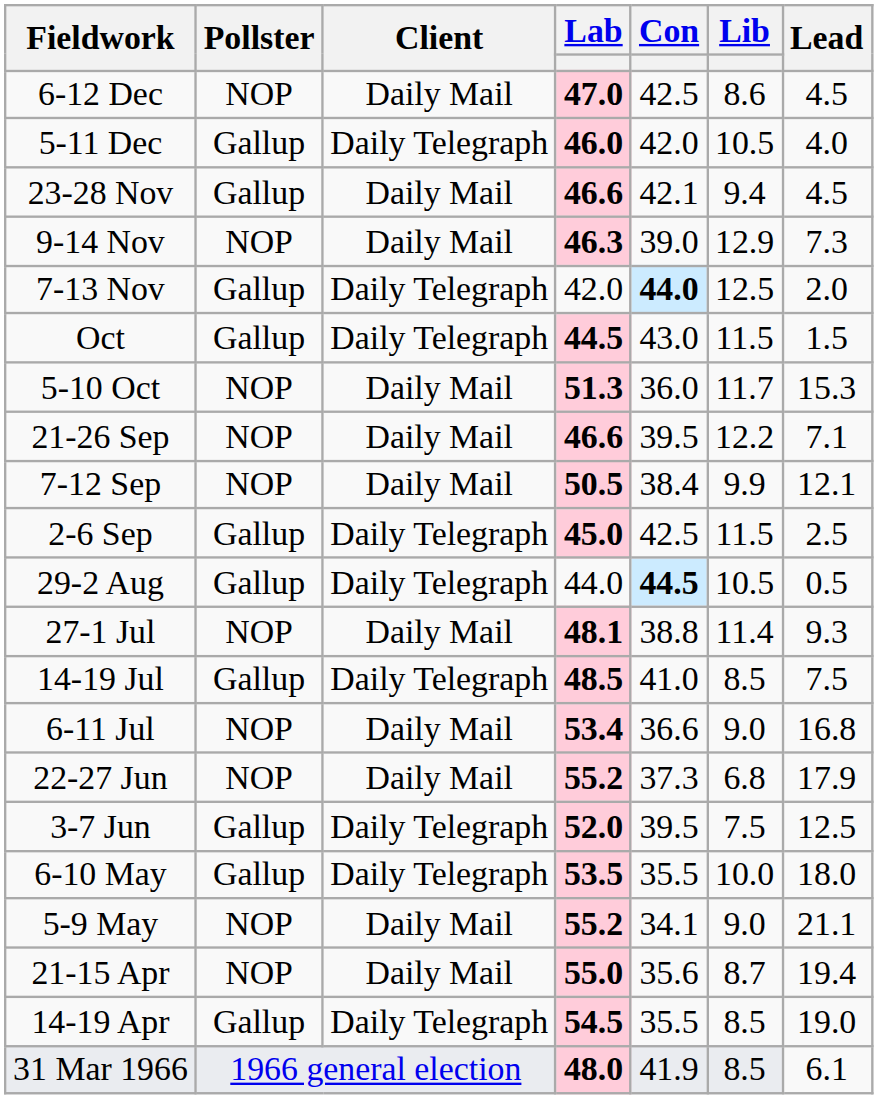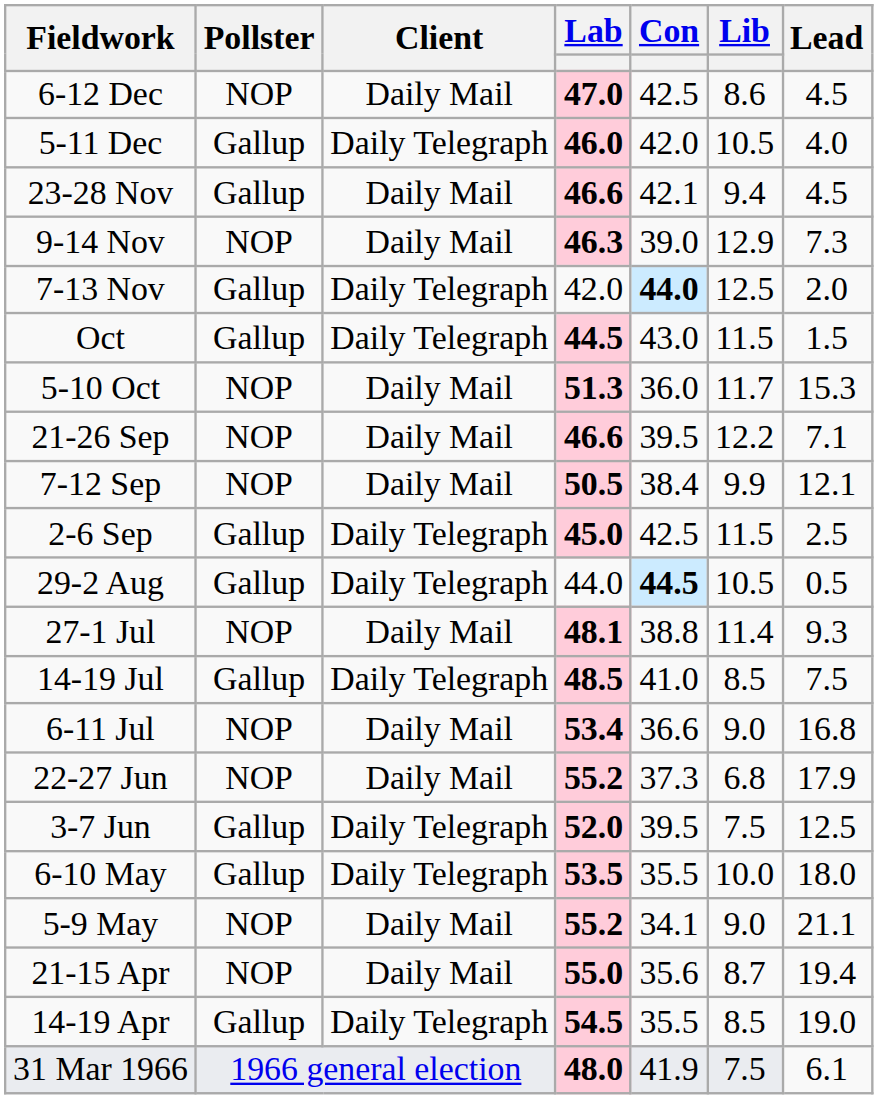 <table class="wikitable sortable mw-datatable" style="text-align: center; line-height: 14px; font-size: 90%;">
 <tr>
 <th rowspan="2">Fieldwork</th>
 <th rowspan="2">Pollster</th>
 <th rowspan="2">Client</th>
 <th><a href='#'>Lab</a></th>
 <th><a href='#'>Con</a></th>
 <th><a href='#'>Lib</a></th>
 <th rowspan="2">Lead</th>
 </tr>
 <tr>
 <th style="background:"></th>
 <th style="background:"></th>
 <th style="background:"></th>
 </tr>
 <tr>
 <td>6-12 Dec</td>
 <td>NOP</td>
 <td>Daily Mail</td>
 <td style="background:#FFCCDA;"><strong>47.0</strong></td>
 <td>42.5</td>
 <td>8.6</td>
 <td style="background:">4.5</td>
 </tr>
 <tr>
 <td>5-11 Dec</td>
 <td>Gallup</td>
 <td>Daily Telegraph</td>
 <td style="background:#FFCCDA;"><strong>46.0</strong></td>
 <td>42.0</td>
 <td>10.5</td>
 <td style="background:">4.0</td>
 </tr>
 <tr>
 <td>23-28 Nov</td>
 <td>Gallup</td>
 <td>Daily Mail</td>
 <td style="background:#FFCCDA;"><strong>46.6</strong></td>
 <td>42.1</td>
 <td>9.4</td>
 <td style="background:">4.5</td>
 </tr>
 <tr>
 <td>9-14 Nov</td>
 <td>NOP</td>
 <td>Daily Mail</td>
 <td style="background:#FFCCDA;"><strong>46.3</strong></td>
 <td>39.0</td>
 <td>12.9</td>
 <td style="background:">7.3</td>
 </tr>
 <tr>
 <td>7-13 Nov</td>
 <td>Gallup</td>
 <td>Daily Telegraph</td>
 <td>42.0</td>
 <td style="background:#CCEBFF;"><strong>44.0</strong></td>
 <td>12.5</td>
 <td style="background:">2.0</td>
 </tr>
 <tr>
 <td>Oct</td>
 <td>Gallup</td>
 <td>Daily Telegraph</td>
 <td style="background:#FFCCDA;"><strong>44.5</strong></td>
 <td>43.0</td>
 <td>11.5</td>
 <td style="background:">1.5</td>
 </tr>
 <tr>
 <td>5-10 Oct</td>
 <td>NOP</td>
 <td>Daily Mail</td>
 <td style="background:#FFCCDA;"><strong>51.3</strong></td>
 <td>36.0</td>
 <td>11.7</td>
 <td style="background:">15.3</td>
 </tr>
 <tr>
 <td>21-26 Sep</td>
 <td>NOP</td>
 <td>Daily Mail</td>
 <td style="background:#FFCCDA;"><strong>46.6</strong></td>
 <td>39.5</td>
 <td>12.2</td>
 <td style="background:">7.1</td>
 </tr>
 <tr>
 <td>7-12 Sep</td>
 <td>NOP</td>
 <td>Daily Mail</td>
 <td style="background:#FFCCDA;"><strong>50.5</strong></td>
 <td>38.4</td>
 <td>9.9</td>
 <td style="background:">12.1</td>
 </tr>
 <tr>
 <td>2-6 Sep</td>
 <td>Gallup</td>
 <td>Daily Telegraph</td>
 <td style="background:#FFCCDA;"><strong>45.0</strong></td>
 <td>42.5</td>
 <td>11.5</td>
 <td style="background:">2.5</td>
 </tr>
 <tr>
 <td>29-2 Aug</td>
 <td>Gallup</td>
 <td>Daily Telegraph</td>
 <td>44.0</td>
 <td style="background:#CCEBFF;"><strong>44.5</strong></td>
 <td>10.5</td>
 <td style="background:">0.5</td>
 </tr>
 <tr>
 <td>27-1 Jul</td>
 <td>NOP</td>
 <td>Daily Mail</td>
 <td style="background:#FFCCDA;"><strong>48.1</strong></td>
 <td>38.8</td>
 <td>11.4</td>
 <td style="background:">9.3</td>
 </tr>
 <tr>
 <td>14-19 Jul</td>
 <td>Gallup</td>
 <td>Daily Telegraph</td>
 <td style="background:#FFCCDA;"><strong>48.5</strong></td>
 <td>41.0</td>
 <td>8.5</td>
 <td style="background:">7.5</td>
 </tr>
 <tr>
 <td>6-11 Jul</td>
 <td>NOP</td>
 <td>Daily Mail</td>
 <td style="background:#FFCCDA;"><strong>53.4</strong></td>
 <td>36.6</td>
 <td>9.0</td>
 <td style="background:">16.8</td>
 </tr>
 <tr>
 <td>22-27 Jun</td>
 <td>NOP</td>
 <td>Daily Mail</td>
 <td style="background:#FFCCDA;"><strong>55.2</strong></td>
 <td>37.3</td>
 <td>6.8</td>
 <td style="background:">17.9</td>
 </tr>
 <tr>
 <td>3-7 Jun</td>
 <td>Gallup</td>
 <td>Daily Telegraph</td>
 <td style="background:#FFCCDA;"><strong>52.0</strong></td>
 <td>39.5</td>
 <td>7.5</td>
 <td style="background:">12.5</td>
 </tr>
 <tr>
 <td>6-10 May</td>
 <td>Gallup</td>
 <td>Daily Telegraph</td>
 <td style="background:#FFCCDA;"><strong>53.5</strong></td>
 <td>35.5</td>
 <td>10.0</td>
 <td style="background:">18.0</td>
 </tr>
 <tr>
 <td>5-9 May</td>
 <td>NOP</td>
 <td>Daily Mail</td>
 <td style="background:#FFCCDA;"><strong>55.2</strong></td>
 <td>34.1</td>
 <td>9.0</td>
 <td style="background:">21.1</td>
 </tr>
 <tr>
 <td>21-15 Apr</td>
 <td>NOP</td>
 <td>Daily Mail</td>
 <td style="background:#FFCCDA;"><strong>55.0</strong></td>
 <td>35.6</td>
 <td>8.7</td>
 <td style="background:">19.4</td>
 </tr>
 <tr>
 <td>14-19 Apr</td>
 <td>Gallup</td>
 <td>Daily Telegraph</td>
 <td style="background:#FFCCDA;"><strong>54.5</strong></td>
 <td>35.5</td>
 <td>8.5</td>
 <td style="background:">19.0</td>
 </tr>
 <tr>
 <td style="background:#EAECF0;">31 Mar 1966</td>
 <td style="background:#EAECF0;" colspan="2"><a href='#'>1966 general election</a></td>
 <td style="background:#FFCCDA;"><strong>48.0</strong></td>
 <td style="background:#EAECF0;">41.9</td>
-<td style="background:#EAECF0;">8.5</td>
+<td style="background:#EAECF0;">7.5</td>
 <td style="background:">6.1</td>
 </tr>
 </table>
